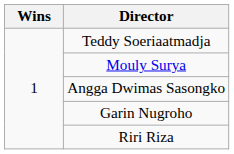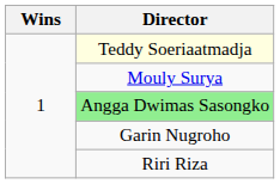 <table class="wikitable" style="text-align:center;">
 <tr>
 <th scope="col" width="55">Wins</th>
 <th scope="col" align="center">Director</th>
 </tr>
 <tr>
 <td rowspan="5">1</td>
-<td>Teddy Soeriaatmadja</td>
+<td style="background: lightyellow;">Teddy Soeriaatmadja</td>
 </tr>
 <tr>
 <td><a href='#'>Mouly Surya</a></td>
 </tr>
 <tr>
-<td>Angga Dwimas Sasongko</td>
+<td style="background: lightgreen;">Angga Dwimas Sasongko</td>
 </tr>
 <tr>
 <td>Garin Nugroho</td>
 </tr>
 <tr>
 <td>Riri Riza</td>
 </tr>
 </table>
